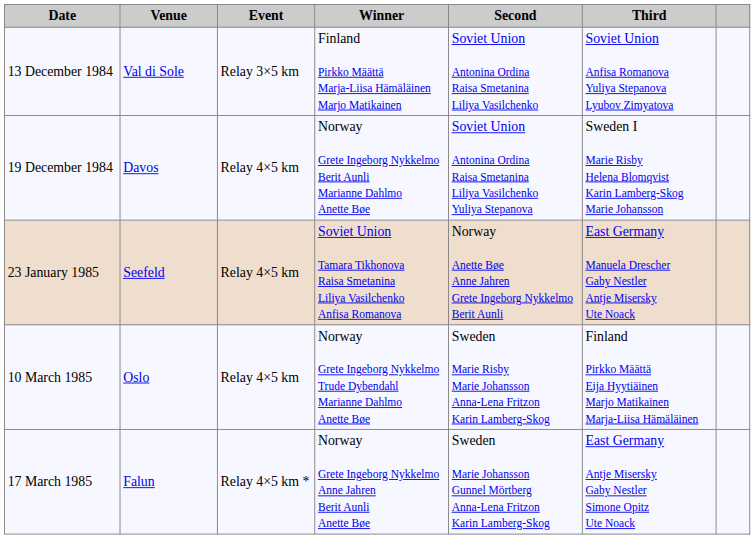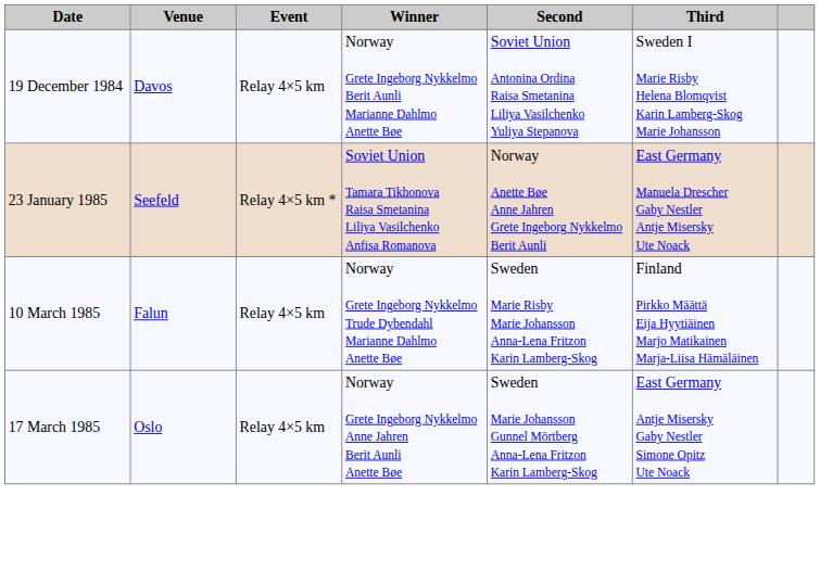 <table bgcolor="#f7f8ff" cellpadding="3" cellspacing="0" border="1" style="font-size: 95%; border: gray solid 1px; border-collapse: collapse;">
 <tr bgcolor="#CCCCCC">
 <td align="center" width="120"><strong>Date</strong></td>
 <td align="center" width="100"><strong>Venue</strong></td>
 <td align="center" width="100"><strong>Event</strong></td>
 <td align="center" width="140"><strong>Winner</strong></td>
 <td align="center" width="140"><strong>Second</strong></td>
 <td align="center" width="140"><strong>Third</strong></td>
 <td align="center" width="30"></td>
-</tr>
-<tr align="left">
-<td>13 December 1984</td>
-<td> <a href='#'>Val di Sole</a></td>
-<td>Relay 3×5 km</td>
-<td> Finland<br><br><small><a href='#'>Pirkko Määttä</a></small><br> <small><a href='#'>Marja-Liisa Hämäläinen</a></small><br> <small><a href='#'>Marjo Matikainen</a></small><br></td>
-<td> <a href='#'>Soviet Union</a><br><br><small><a href='#'>Antonina Ordina</a></small><br> <small><a href='#'>Raisa Smetanina</a></small><br> <small><a href='#'>Liliya Vasilchenko</a></small><br></td>
-<td> <a href='#'>Soviet Union</a><br><br><small><a href='#'>Anfisa Romanova</a></small><br> <small><a href='#'>Yuliya Stepanova</a></small><br> <small><a href='#'>Lyubov Zimyatova</a></small><br></td>
-<td></td>
 </tr>
 <tr align="left">
 <td>19 December 1984</td>
 <td> <a href='#'>Davos</a></td>
 <td>Relay 4×5 km</td>
 <td> Norway<br><br><small><a href='#'>Grete Ingeborg Nykkelmo</a></small><br> <small><a href='#'>Berit Aunli</a></small><br> <small><a href='#'>Marianne Dahlmo</a></small><br> <small><a href='#'>Anette Bøe</a></small><br></td>
 <td> <a href='#'>Soviet Union</a><br><br><small><a href='#'>Antonina Ordina</a></small><br> <small><a href='#'>Raisa Smetanina</a></small><br> <small><a href='#'>Liliya Vasilchenko</a></small><br> <small><a href='#'>Yuliya Stepanova</a></small><br></td>
 <td> Sweden I<br><br><small><a href='#'>Marie Risby</a></small><br> <small><a href='#'>Helena Blomqvist</a></small><br> <small><a href='#'>Karin Lamberg-Skog</a></small><br> <small><a href='#'>Marie Johansson</a></small><br></td>
 <td></td>
 </tr>
 <tr align="left" bgcolor=#EFDECD>
 <td>23 January 1985</td>
 <td> <a href='#'>Seefeld</a></td>
-<td>Relay 4×5 km</td>
+<td>Relay 4×5 km *</td>
 <td> <a href='#'>Soviet Union</a><br><br><small><a href='#'>Tamara Tikhonova</a></small><br> <small><a href='#'>Raisa Smetanina</a></small><br> <small><a href='#'>Liliya Vasilchenko</a></small><br> <small><a href='#'>Anfisa Romanova</a></small></td>
 <td> Norway<br><br><small><a href='#'>Anette Bøe</a></small><br> <small><a href='#'>Anne Jahren</a></small><br> <small><a href='#'>Grete Ingeborg Nykkelmo</a></small><br> <small><a href='#'>Berit Aunli</a></small></td>
 <td> <a href='#'>East Germany</a><br><br><small><a href='#'>Manuela Drescher</a></small><br> <small><a href='#'>Gaby Nestler</a></small><br> <small><a href='#'>Antje Misersky</a></small><br> <small><a href='#'>Ute Noack</a></small></td>
 <td></td>
 </tr>
 <tr align="left">
 <td>10 March 1985</td>
-<td> <a href='#'>Oslo</a></td>
+<td> <a href='#'>Falun</a></td>
 <td>Relay 4×5 km</td>
 <td> Norway<br><br><small><a href='#'>Grete Ingeborg Nykkelmo</a></small><br> <small><a href='#'>Trude Dybendahl</a></small><br> <small><a href='#'>Marianne Dahlmo</a></small><br> <small><a href='#'>Anette Bøe</a></small></td>
 <td> Sweden<br><br><small><a href='#'>Marie Risby</a></small><br> <small><a href='#'>Marie Johansson</a></small><br> <small><a href='#'>Anna-Lena Fritzon</a></small><br> <small><a href='#'>Karin Lamberg-Skog</a></small></td>
 <td> Finland<br><br><small><a href='#'>Pirkko Määttä</a></small><br> <small><a href='#'>Eija Hyytiäinen</a></small><br> <small><a href='#'>Marjo Matikainen</a></small><br> <small><a href='#'>Marja-Liisa Hämäläinen</a></small></td>
 <td></td>
 </tr>
 <tr align="left">
 <td>17 March 1985</td>
-<td> <a href='#'>Falun</a></td>
-<td>Relay 4×5 km *</td>
+<td> <a href='#'>Oslo</a></td>
+<td>Relay 4×5 km</td>
 <td> Norway<br><br><small><a href='#'>Grete Ingeborg Nykkelmo</a></small><br> <small><a href='#'>Anne Jahren</a></small><br> <small><a href='#'>Berit Aunli</a></small><br> <small><a href='#'>Anette Bøe</a></small></td>
 <td> Sweden<br><br><small><a href='#'>Marie Johansson</a></small><br> <small><a href='#'>Gunnel Mörtberg</a></small><br> <small><a href='#'>Anna-Lena Fritzon</a></small><br> <small><a href='#'>Karin Lamberg-Skog</a></small></td>
 <td> <a href='#'>East Germany</a><br><br><small><a href='#'>Antje Misersky</a></small><br> <small><a href='#'>Gaby Nestler</a></small><br> <small><a href='#'>Simone Opitz</a></small><br> <small><a href='#'>Ute Noack</a></small></td>
 <td></td>
 </tr>
 </table>
